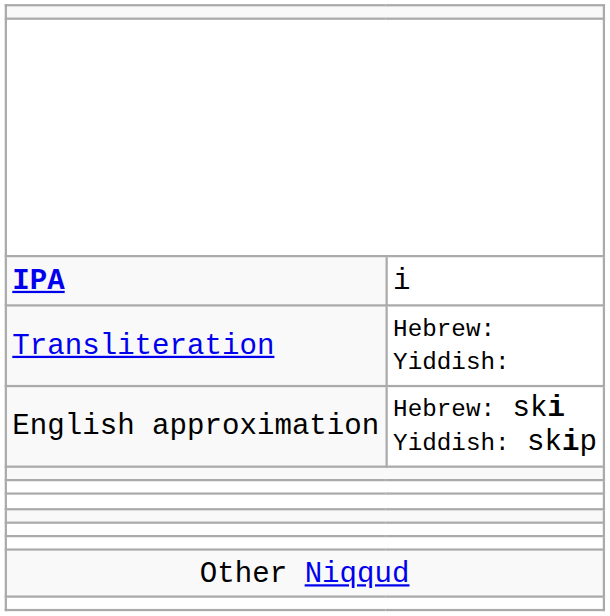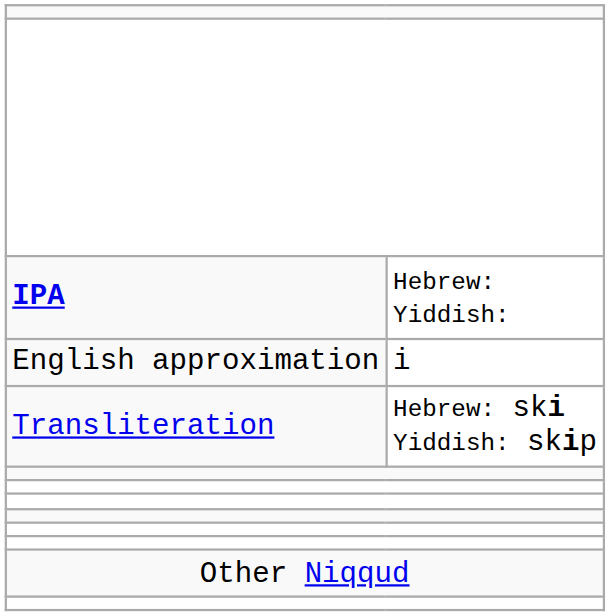 <table align="right" class="wikitable">
 <tr>
 <td colspan="2"></td>
 </tr>
 <tr>
 <td colspan="2" align="center" style="background:white;height:100px"><span></span></td>
 </tr>
 <tr>
 <td><strong><a href='#'>IPA</a></strong></td>
+<td style="background:white"><small>Hebrew:</small> <br><small>Yiddish:</small> </td>
+</tr>
+<tr>
+<td>English approximation</td>
 <td style="background:white">i</td>
 </tr>
 <tr>
 <td><a href='#'>Transliteration</a></td>
-<td style="background:white"><small>Hebrew:</small> <br><small>Yiddish:</small> </td>
-</tr>
-<tr>
-<td>English approximation</td>
 <td style="background:white"><small>Hebrew:</small> sk<strong>i</strong><br><small>Yiddish:</small> sk<strong>i</strong>p</td>
 </tr>
 <tr>
 <td colspan="2"></td>
 </tr>
 <tr>
 <td colspan="2" align="center" style="background:white"></td>
 </tr>
 <tr>
 <td colspan="2" style="width:250px;background:white"></td>
 </tr>
 <tr>
 <td colspan="2"></td>
 </tr>
 <tr>
 <td colspan="2" align="center" style="background:white"></td>
 </tr>
 <tr>
 <td colspan="2" style="width:250px;background:white"></td>
 </tr>
 <tr>
 <td colspan="2" style="text-align:center;">Other <a href='#'>Niqqud</a></td>
 </tr>
 <tr>
 <td colspan="2" style="width:250px;background:white"></td>
 </tr>
 </table>
